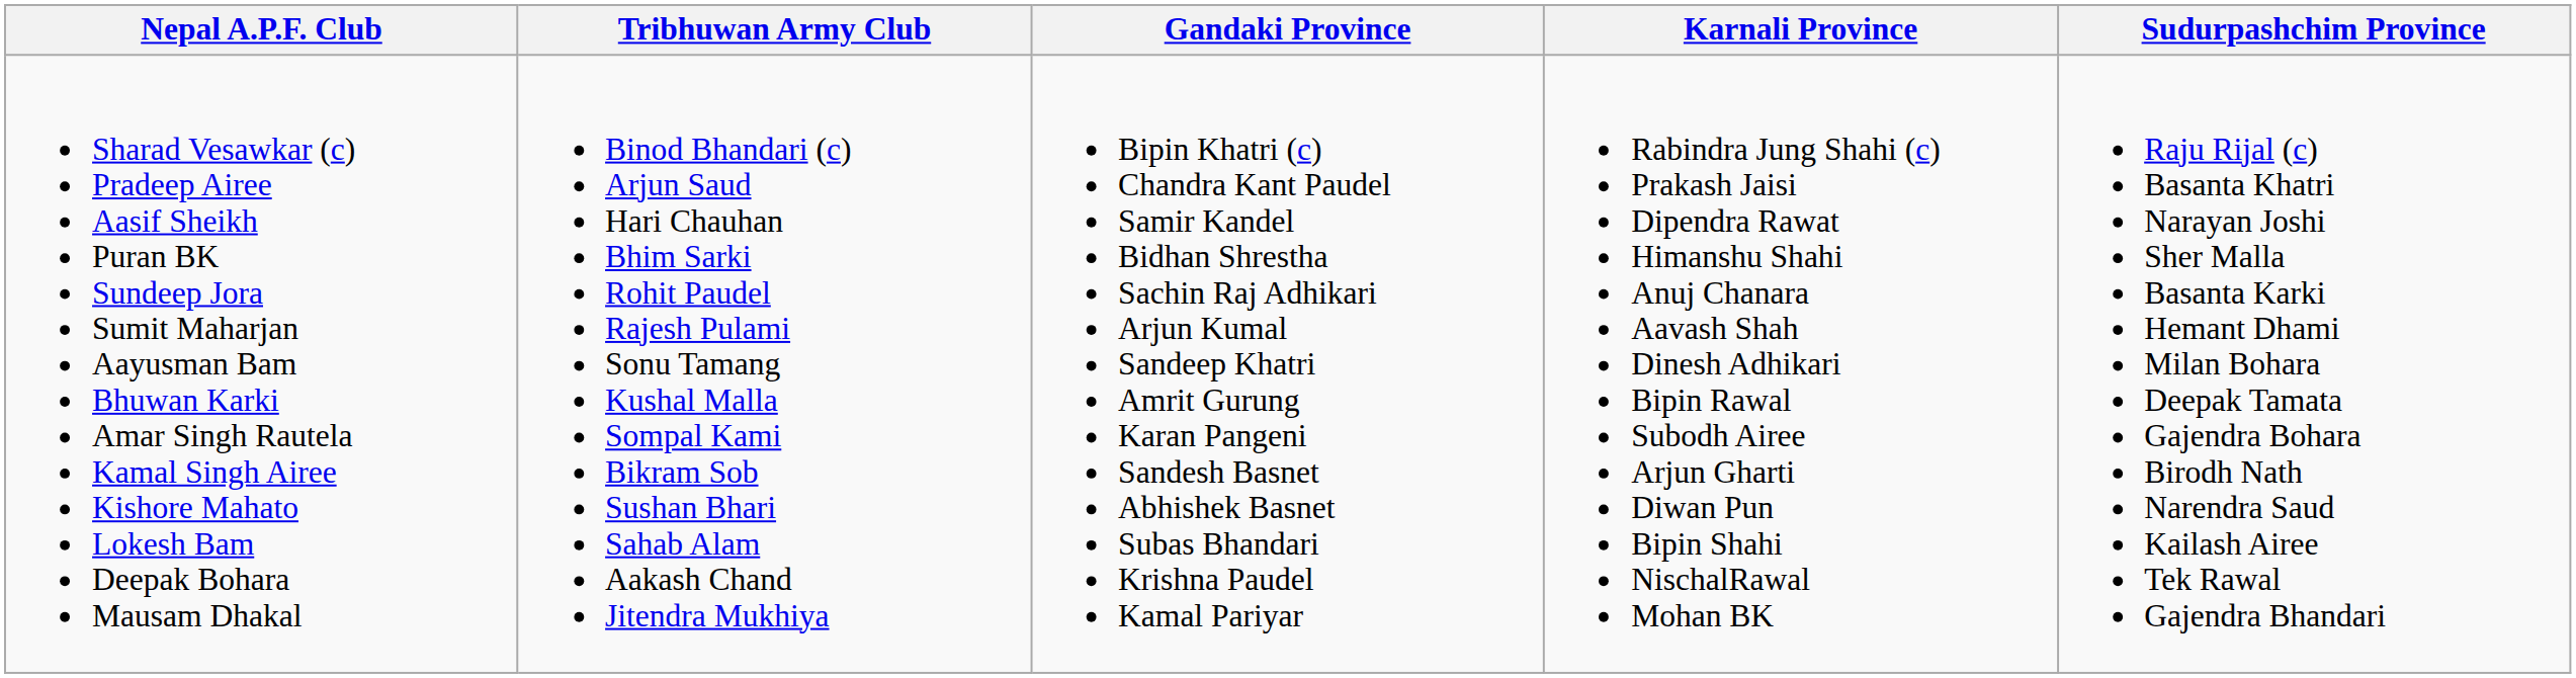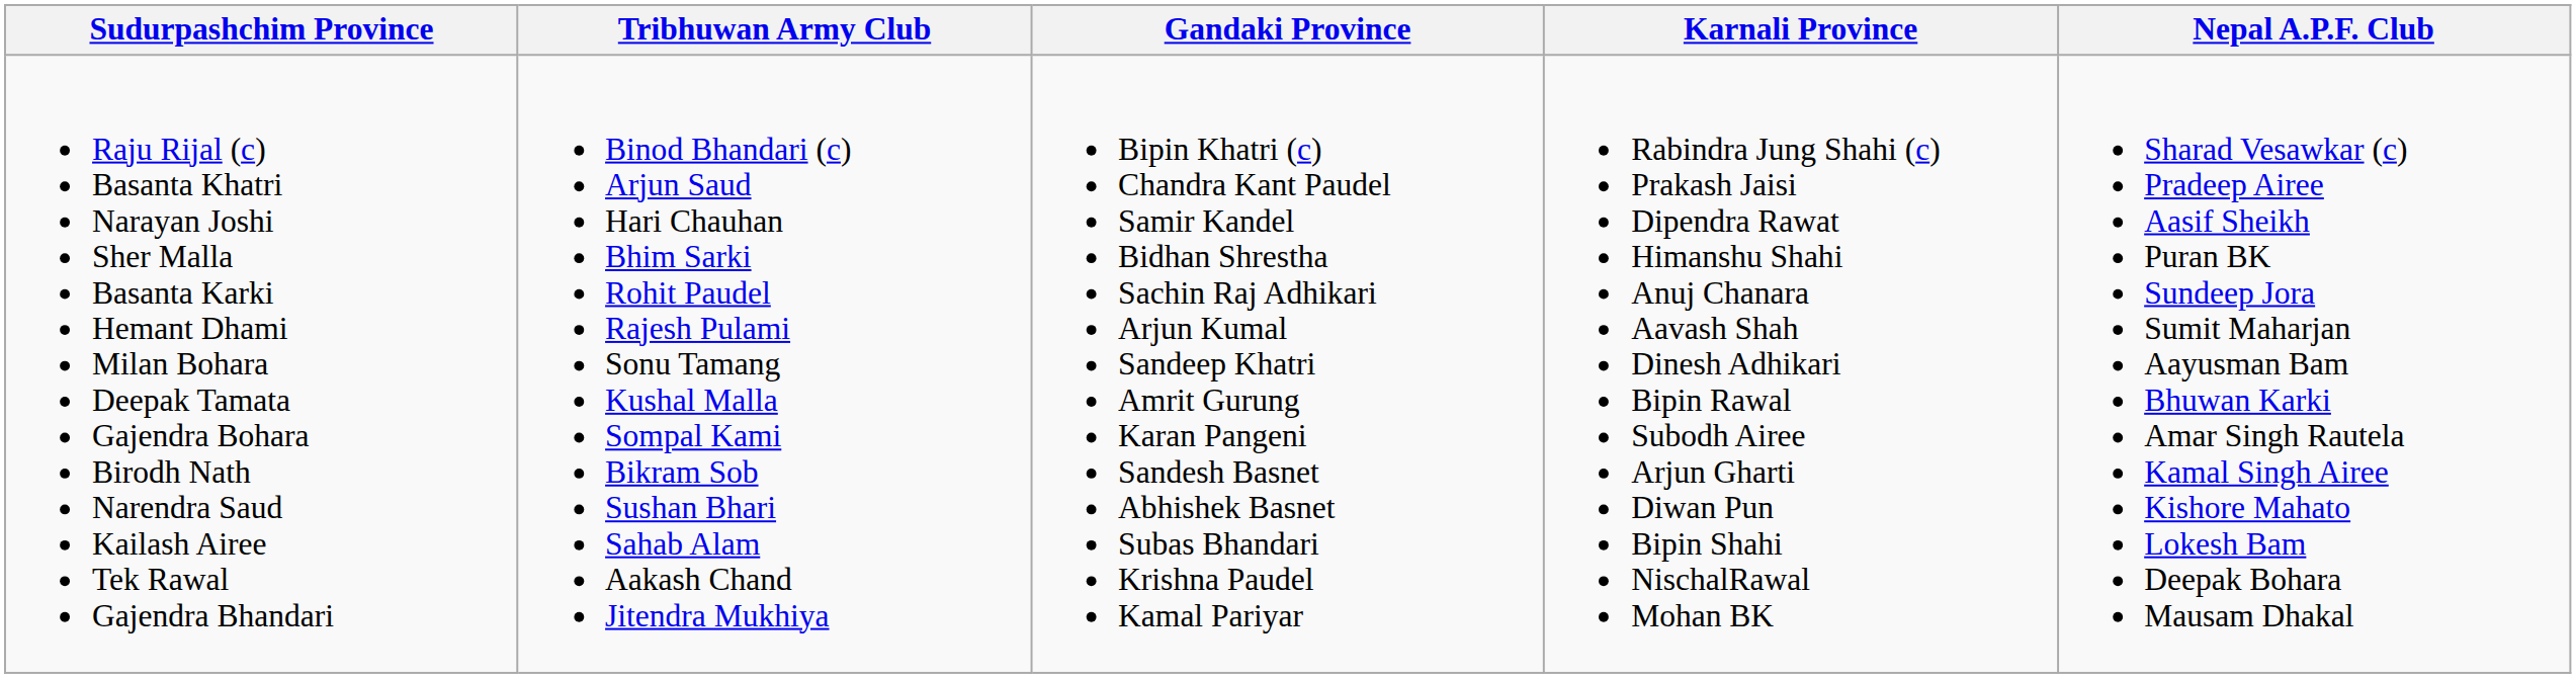 <table class="wikitable">
 <tr>
-<th width="250px"><a href='#'>Nepal A.P.F. Club</a></th>
+<th width="250px"><a href='#'>Sudurpashchim Province</a></th>
 <th width="250px"><a href='#'>Tribhuwan Army Club</a></th>
 <th width="250px"><a href='#'>Gandaki Province</a></th>
 <th width="250px"><a href='#'>Karnali Province</a></th>
-<th width="250px"><a href='#'>Sudurpashchim Province</a></th>
+<th width="250px"><a href='#'>Nepal A.P.F. Club</a></th>
 </tr>
 <tr>
-<td><br><ul><li><a href='#'>Sharad Vesawkar</a> (<a href='#'>c</a>)</li><li><a href='#'>Pradeep Airee</a></li><li><a href='#'>Aasif Sheikh</a></li><li>Puran BK</li><li><a href='#'>Sundeep Jora</a></li><li>Sumit Maharjan</li><li>Aayusman Bam</li><li><a href='#'>Bhuwan Karki</a></li><li>Amar Singh Rautela</li><li><a href='#'>Kamal Singh Airee</a></li><li><a href='#'>Kishore Mahato</a></li><li><a href='#'>Lokesh Bam</a></li><li>Deepak Bohara</li><li>Mausam Dhakal</li></ul></td>
+<td><br><ul><li><a href='#'>Raju Rijal</a> (<a href='#'>c</a>)</li><li>Basanta Khatri</li><li>Narayan Joshi</li><li>Sher Malla</li><li>Basanta Karki</li><li>Hemant Dhami</li><li>Milan Bohara</li><li>Deepak Tamata</li><li>Gajendra Bohara</li><li>Birodh Nath</li><li>Narendra Saud</li><li>Kailash Airee</li><li>Tek Rawal</li><li>Gajendra Bhandari</li></ul></td>
 <td><br><ul><li><a href='#'>Binod Bhandari</a> (<a href='#'>c</a>)</li><li><a href='#'>Arjun Saud</a></li><li>Hari Chauhan</li><li><a href='#'>Bhim Sarki</a></li><li><a href='#'>Rohit Paudel</a></li><li><a href='#'>Rajesh Pulami</a></li><li>Sonu Tamang</li><li><a href='#'>Kushal Malla</a></li><li><a href='#'>Sompal Kami</a></li><li><a href='#'>Bikram Sob</a></li><li><a href='#'>Sushan Bhari</a></li><li><a href='#'>Sahab Alam</a></li><li>Aakash Chand</li><li><a href='#'>Jitendra Mukhiya</a></li></ul></td>
 <td><br><ul><li>Bipin Khatri (<a href='#'>c</a>)</li><li>Chandra Kant Paudel</li><li>Samir Kandel</li><li>Bidhan Shrestha</li><li>Sachin Raj Adhikari</li><li>Arjun Kumal</li><li>Sandeep Khatri</li><li>Amrit Gurung</li><li>Karan Pangeni</li><li>Sandesh Basnet</li><li>Abhishek Basnet</li><li>Subas Bhandari</li><li>Krishna Paudel</li><li>Kamal Pariyar</li></ul></td>
 <td><br><ul><li>Rabindra Jung Shahi (<a href='#'>c</a>)</li><li>Prakash Jaisi</li><li>Dipendra Rawat</li><li>Himanshu Shahi</li><li>Anuj Chanara</li><li>Aavash Shah</li><li>Dinesh Adhikari</li><li>Bipin Rawal</li><li>Subodh Airee</li><li>Arjun Gharti</li><li>Diwan Pun</li><li>Bipin Shahi</li><li>NischalRawal</li><li>Mohan BK</li></ul></td>
-<td><br><ul><li><a href='#'>Raju Rijal</a> (<a href='#'>c</a>)</li><li>Basanta Khatri</li><li>Narayan Joshi</li><li>Sher Malla</li><li>Basanta Karki</li><li>Hemant Dhami</li><li>Milan Bohara</li><li>Deepak Tamata</li><li>Gajendra Bohara</li><li>Birodh Nath</li><li>Narendra Saud</li><li>Kailash Airee</li><li>Tek Rawal</li><li>Gajendra Bhandari</li></ul></td>
+<td><br><ul><li><a href='#'>Sharad Vesawkar</a> (<a href='#'>c</a>)</li><li><a href='#'>Pradeep Airee</a></li><li><a href='#'>Aasif Sheikh</a></li><li>Puran BK</li><li><a href='#'>Sundeep Jora</a></li><li>Sumit Maharjan</li><li>Aayusman Bam</li><li><a href='#'>Bhuwan Karki</a></li><li>Amar Singh Rautela</li><li><a href='#'>Kamal Singh Airee</a></li><li><a href='#'>Kishore Mahato</a></li><li><a href='#'>Lokesh Bam</a></li><li>Deepak Bohara</li><li>Mausam Dhakal</li></ul></td>
 </tr>
 </table>
